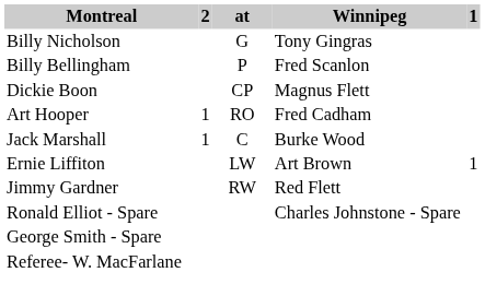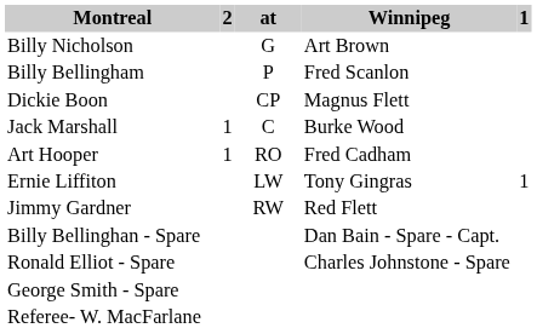 <table cellpadding=2 cellspacing=0 border=0>
 <tr bgcolor=#cccccc>
 <th width=170>Montreal</th>
 <th>2</th>
 <th width=50>at</th>
 <th width=170>Winnipeg</th>
 <th>1</th>
 </tr>
 <tr>
 <td>Billy Nicholson</td>
 <td></td>
 <td align=center>G</td>
-<td>Tony Gingras</td>
+<td>Art Brown</td>
 <td></td>
 <td></td>
 </tr>
 <tr>
 <td>Billy Bellingham</td>
 <td></td>
 <td align=center>P</td>
 <td>Fred Scanlon</td>
 <td></td>
 <td></td>
 </tr>
 <tr>
 <td>Dickie Boon</td>
 <td></td>
 <td align=center>CP</td>
 <td>Magnus Flett</td>
 <td></td>
 <td></td>
 </tr>
 <tr>
+<td>Jack Marshall</td>
+<td>1</td>
+<td align=center>C</td>
+<td>Burke Wood</td>
+<td></td>
+<td></td>
+</tr>
+<tr>
 <td>Art Hooper</td>
 <td>1</td>
 <td align=center>RO</td>
 <td>Fred Cadham</td>
 <td></td>
 <td></td>
 </tr>
 <tr>
-<td>Jack Marshall</td>
-<td>1</td>
-<td align=center>C</td>
-<td>Burke Wood</td>
-<td></td>
-<td></td>
-</tr>
-<tr>
 <td>Ernie Liffiton</td>
 <td></td>
 <td align=center>LW</td>
-<td>Art Brown</td>
+<td>Tony Gingras</td>
 <td>1</td>
 <td></td>
 </tr>
 <tr>
 <td>Jimmy Gardner</td>
 <td></td>
 <td align=center>RW</td>
 <td>Red Flett</td>
+<td></td>
+<td></td>
+</tr>
+<tr>
+<td>Billy Bellinghan - Spare</td>
+<td></td>
+<td align=center></td>
+<td>Dan Bain - Spare - Capt.</td>
 <td></td>
 <td></td>
 </tr>
 <tr>
 <td>Ronald Elliot - Spare</td>
 <td></td>
 <td align=center></td>
 <td>Charles Johnstone - Spare</td>
 <td></td>
 <td></td>
 </tr>
 <tr>
 <td>George Smith - Spare</td>
 <td></td>
 <td align=center></td>
 <td></td>
 <td></td>
 <td></td>
 </tr>
 <tr>
 <td colspan="5">Referee- W. MacFarlane</td>
 </tr>
 <tr>
 </tr>
 </table>
